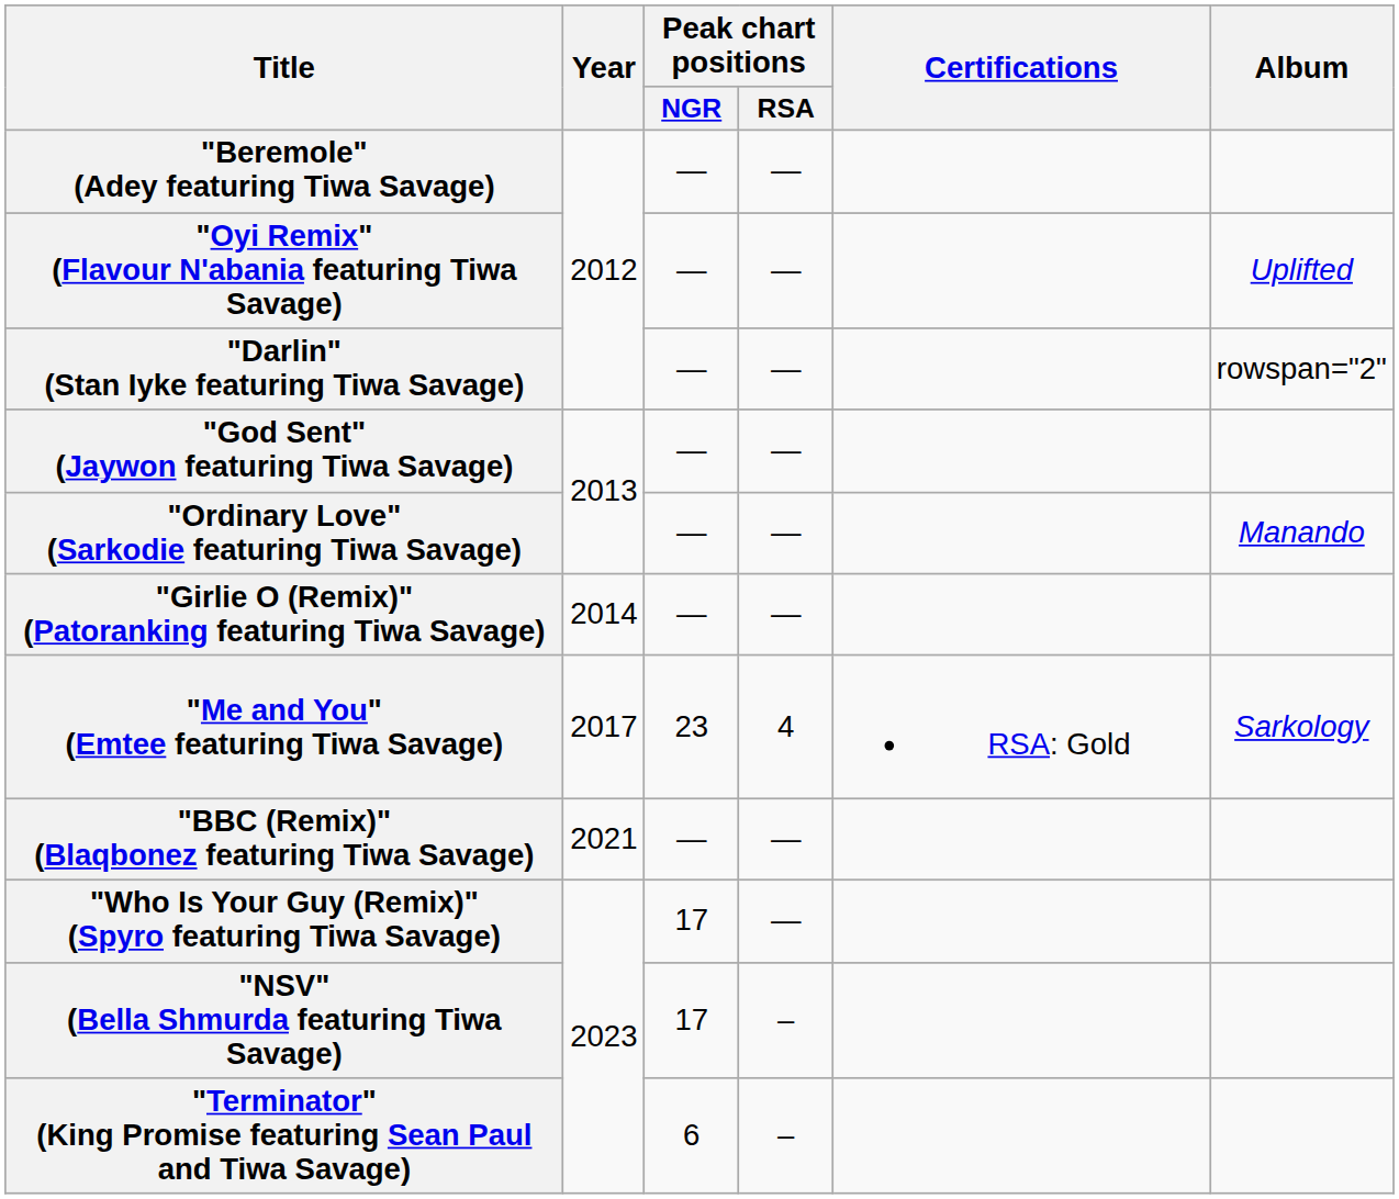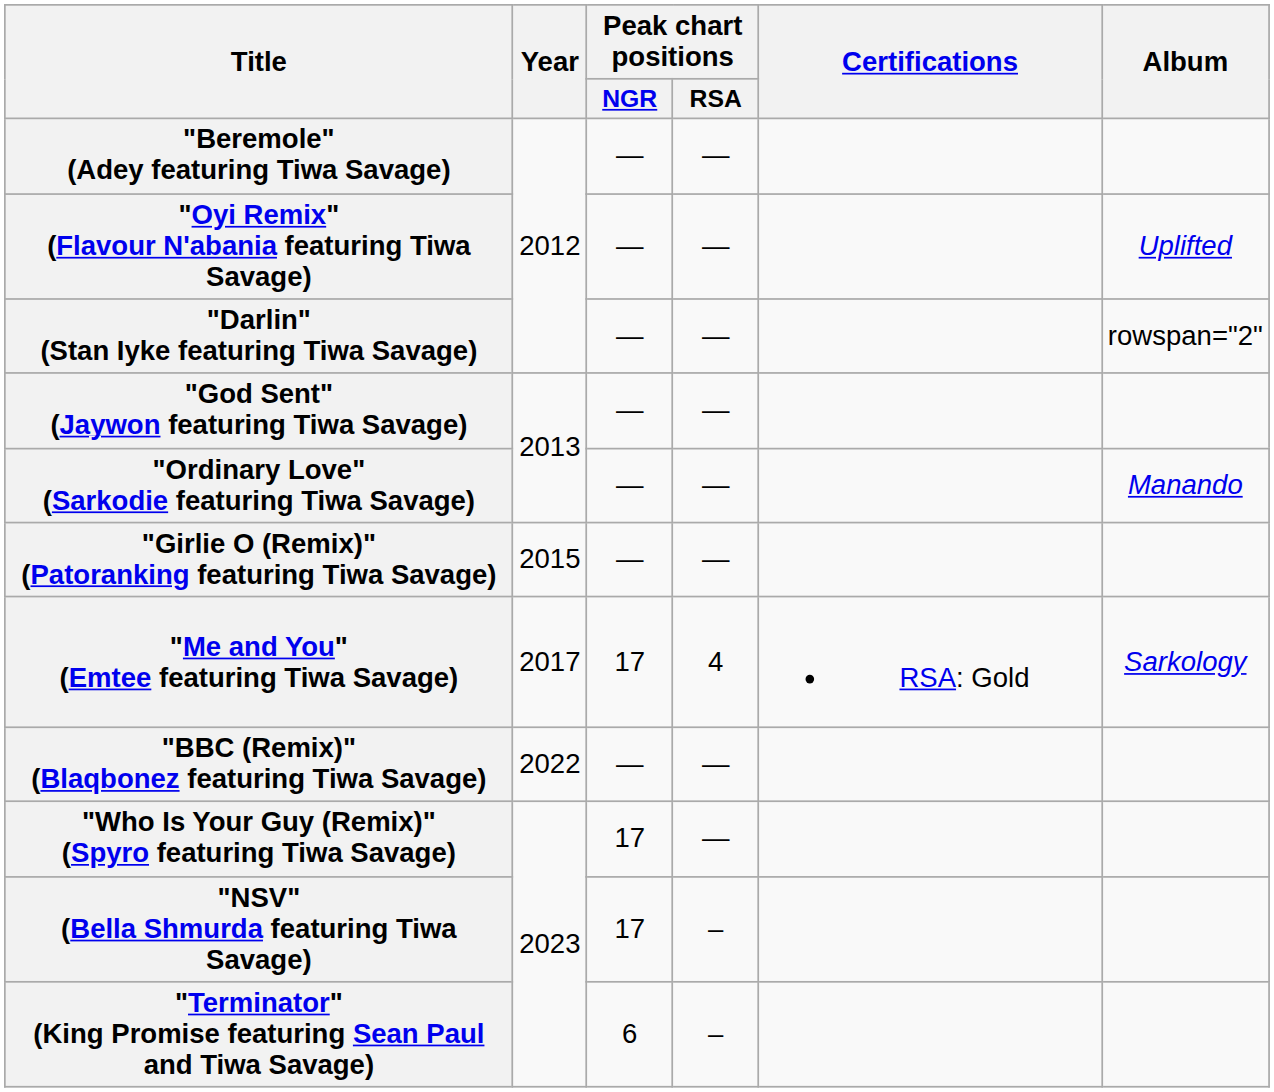 <table class="wikitable plainrowheaders" style="text-align:center;" border="1">
 <tr>
 <th scope="col" rowspan="2" style="width:18em;">Title</th>
 <th scope="col" rowspan="2">Year</th>
 <th scope="col" colspan="2">Peak chart positions</th>
 <th scope="col" rowspan="2" style="width:12em;"><a href='#'>Certifications</a></th>
 <th scope="col" rowspan="2">Album</th>
 </tr>
 <tr>
 <th scope="col" style="width:3em;font-size:90%;"><a href='#'>NGR</a><br></th>
 <th scope="col" style="width:3em;font-size:90%;">RSA</th>
 </tr>
 <tr>
 <th scope="row">"Beremole"<br><span>(Adey featuring Tiwa Savage)</span></th>
 <td rowspan="3">2012</td>
 <td>—</td>
 <td>—</td>
 <td></td>
 <td></td>
 </tr>
 <tr>
 <th scope="row">"<a href='#'>Oyi Remix</a>"<br><span>(<a href='#'>Flavour N'abania</a> featuring Tiwa Savage)</span></th>
 <td>—</td>
 <td>—</td>
 <td></td>
 <td><em><a href='#'>Uplifted</a></em></td>
 </tr>
 <tr>
 <th scope="row">"Darlin" <br><span>(Stan Iyke featuring Tiwa Savage)</span></th>
 <td>—</td>
 <td>—</td>
 <td></td>
 <td>rowspan="2" </td>
 </tr>
 <tr>
 <th scope="row">"God Sent"<br><span>(<a href='#'>Jaywon</a> featuring Tiwa Savage)</span></th>
 <td rowspan="2">2013</td>
 <td>—</td>
 <td>—</td>
 <td></td>
 </tr>
 <tr>
 <th scope="row">"Ordinary Love"<br><span>(<a href='#'>Sarkodie</a> featuring Tiwa Savage)</span></th>
 <td>—</td>
 <td>—</td>
 <td></td>
 <td><em><a href='#'>Manando</a></em></td>
 </tr>
 <tr>
 <th scope="row">"Girlie O (Remix)"<br><span>(<a href='#'>Patoranking</a> featuring Tiwa Savage)</span></th>
-<td>2014</td>
+<td>2015</td>
 <td>—</td>
 <td>—</td>
 <td></td>
 <td></td>
 </tr>
 <tr>
 <th scope="row">"<a href='#'>Me and You</a>"<br><span>(<a href='#'>Emtee</a> featuring Tiwa Savage)</span></th>
 <td>2017</td>
-<td>23</td>
+<td>17</td>
 <td>4</td>
 <td><br><ul><li><a href='#'>RSA</a>: Gold</li></ul></td>
 <td><em><a href='#'>Sarkology</a></em></td>
 </tr>
 <tr>
 <th scope="row">"BBC (Remix)"<br><span>(<a href='#'>Blaqbonez</a> featuring Tiwa Savage)</span></th>
-<td>2021</td>
+<td>2022</td>
 <td>—</td>
 <td>—</td>
 <td></td>
 <td></td>
 </tr>
 <tr>
 <th scope="row">"Who Is Your Guy (Remix)"<br><span>(<a href='#'>Spyro</a> featuring Tiwa Savage)</span></th>
 <td rowspan="3">2023</td>
 <td>17</td>
 <td>—</td>
 <td></td>
 <td></td>
 </tr>
 <tr>
 <th scope="row">"NSV"<br><span>(<a href='#'>Bella Shmurda</a> featuring Tiwa Savage)</span></th>
 <td>17</td>
 <td>–</td>
 <td></td>
 <td></td>
 </tr>
 <tr>
 <th scope="row">"<a href='#'>Terminator</a>"<br><span>(King Promise featuring <a href='#'>Sean Paul</a> and Tiwa Savage)</span></th>
 <td>6</td>
 <td>–</td>
 <td></td>
 <td></td>
 </tr>
 </table>
